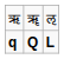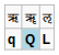 <table class="wikitable">
 <tr class="Unicode">
 <td>ऋ</td>
 <td>ॠ</td>
 <td>ऌ</td>
 </tr>
 <tr>
 <td><strong>q</strong></td>
-<td><strong>Q</strong></td>
+<td style="background: lightblue;"><strong>Q</strong></td>
 <td><strong>L</strong></td>
 </tr>
 </table>
